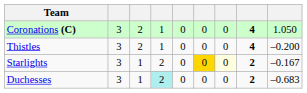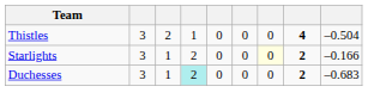 <table class="wikitable" style="text-align:center">
 <tr>
 <th width="150">Team</th>
 <th width="25"></th>
 <th width="25"></th>
 <th width="25"></th>
 <th width="25"></th>
 <th width="25"></th>
 <th width="25"></th>
 <th width="40"></th>
 <th width="45"></th>
 </tr>
-<tr style="background:#cfc">
-<td style="text-align:left"><a href='#'>Coronations</a> <strong>(C)</strong></td>
-<td>3</td>
-<td>2</td>
-<td>1</td>
-<td>0</td>
-<td>0</td>
-<td>0</td>
-<td><strong>4</strong></td>
-<td>1.050</td>
-</tr>
 <tr>
 <td style="text-align:left"><a href='#'>Thistles</a></td>
 <td>3</td>
 <td>2</td>
 <td>1</td>
 <td>0</td>
 <td>0</td>
 <td>0</td>
 <td><strong>4</strong></td>
-<td>–0.200</td>
+<td>–0.504</td>
 </tr>
 <tr>
 <td style="text-align:left"><a href='#'>Starlights</a></td>
 <td>3</td>
 <td>1</td>
 <td>2</td>
 <td>0</td>
-<td style="background: gold;">0</td>
+<td>0</td>
 <td style="background: lightyellow;">0</td>
 <td><strong>2</strong></td>
-<td>–0.167</td>
+<td>–0.166</td>
 </tr>
 <tr>
 <td style="text-align:left"><a href='#'>Duchesses</a></td>
 <td>3</td>
 <td>1</td>
 <td style="background: paleturquoise;">2</td>
 <td>0</td>
 <td>0</td>
 <td>0</td>
 <td><strong>2</strong></td>
 <td>–0.683</td>
 </tr>
 </table>
